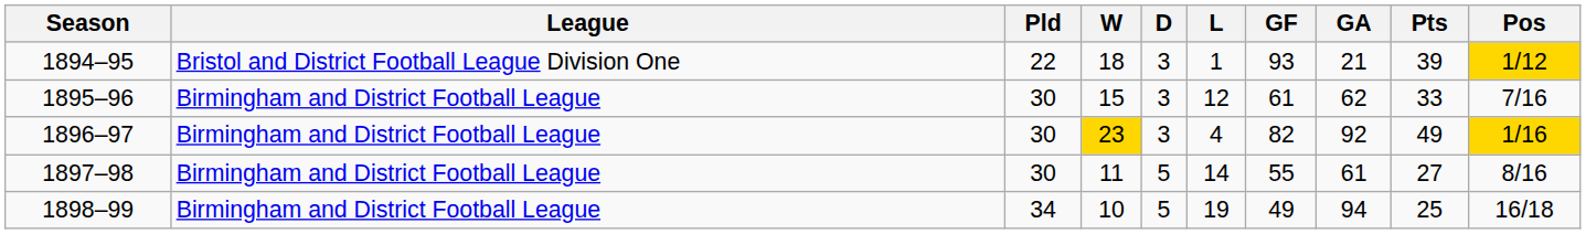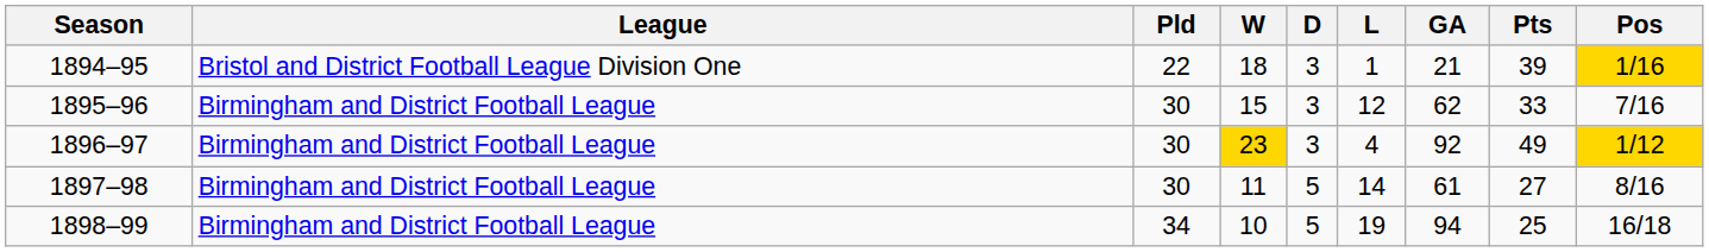 <table class="wikitable" style="width:85%; align:center; text-align:center">
 <tr>
 <th>Season</th>
 <th>League</th>
 <th>Pld</th>
 <th>W</th>
 <th>D</th>
 <th>L</th>
-<th>GF</th>
 <th>GA</th>
 <th>Pts</th>
 <th>Pos</th>
 </tr>
 <tr>
 <td>1894–95</td>
 <td align="left"><a href='#'>Bristol and District Football League</a> Division One</td>
 <td>22</td>
 <td>18</td>
 <td>3</td>
 <td>1</td>
-<td>93</td>
 <td>21</td>
 <td>39</td>
-<td bgcolor=gold>1/12</td>
+<td bgcolor=gold>1/16</td>
 </tr>
 <tr>
 <td>1895–96</td>
 <td align="left"><a href='#'>Birmingham and District Football League</a></td>
 <td>30</td>
 <td>15</td>
 <td>3</td>
 <td>12</td>
-<td>61</td>
 <td>62</td>
 <td>33</td>
 <td>7/16</td>
 </tr>
 <tr>
 <td>1896–97</td>
 <td align="left"><a href='#'>Birmingham and District Football League</a></td>
 <td>30</td>
 <td style="background: gold;">23</td>
 <td>3</td>
 <td>4</td>
-<td>82</td>
 <td>92</td>
 <td>49</td>
-<td bgcolor=gold>1/16</td>
+<td bgcolor=gold>1/12</td>
 </tr>
 <tr>
 <td>1897–98</td>
 <td align="left"><a href='#'>Birmingham and District Football League</a></td>
 <td>30</td>
 <td>11</td>
 <td>5</td>
 <td>14</td>
-<td>55</td>
 <td>61</td>
 <td>27</td>
 <td>8/16</td>
 </tr>
 <tr>
 <td>1898–99</td>
 <td align="left"><a href='#'>Birmingham and District Football League</a></td>
 <td>34</td>
 <td>10</td>
 <td>5</td>
 <td>19</td>
-<td>49</td>
 <td>94</td>
 <td>25</td>
 <td>16/18</td>
 </tr>
 </table>
